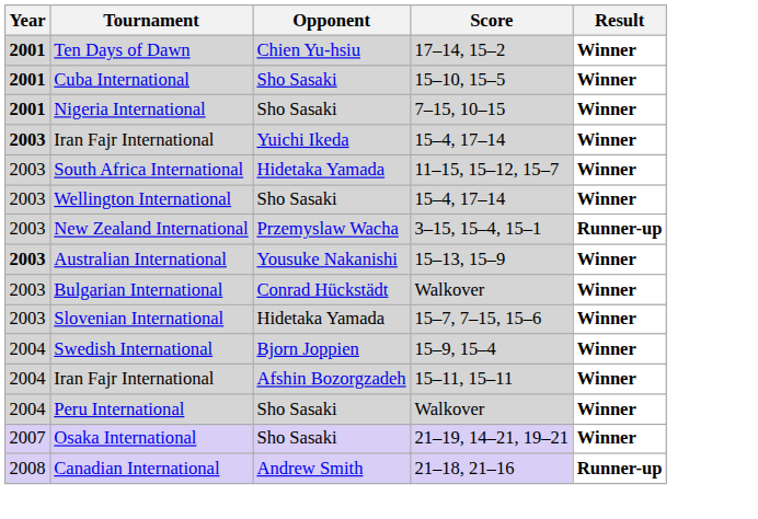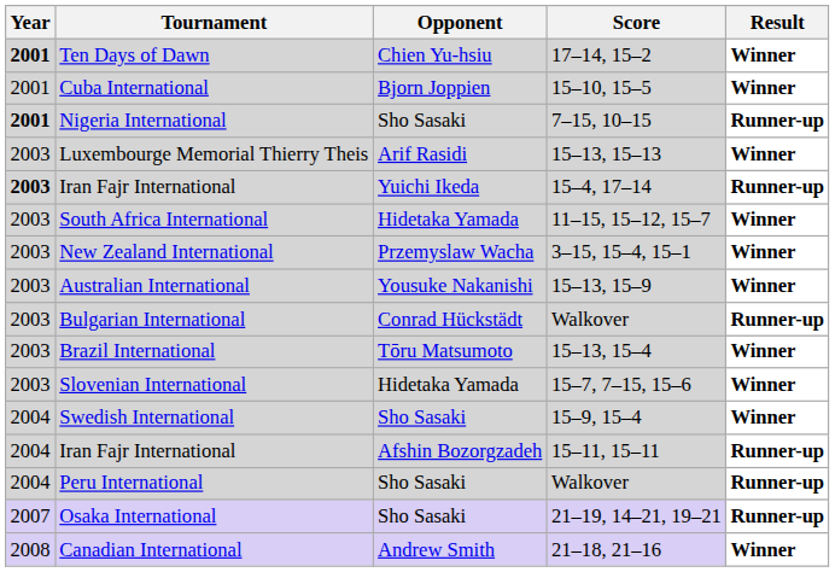 <table class="sortable wikitable" style="font-size: 90%;">
 <tr>
 <th>Year</th>
 <th>Tournament</th>
 <th>Opponent</th>
 <th>Score</th>
 <th>Result</th>
 </tr>
 <tr style="background:#D5D5D5">
 <td align="center"><strong>2001</strong></td>
 <td align="left"><a href='#'>Ten Days of Dawn</a></td>
 <td align="left"> <a href='#'>Chien Yu-hsiu</a></td>
 <td align="left">17–14, 15–2</td>
 <td style="text-align:left; background:white"> <strong>Winner</strong></td>
 </tr>
 <tr style="background:#D5D5D5">
-<td align="center"><strong>2001</strong></td>
+<td align="center">2001</td>
 <td align="left"><a href='#'>Cuba International</a></td>
-<td align="left"> <a href='#'>Sho Sasaki</a></td>
+<td align="left"> <a href='#'>Bjorn Joppien</a></td>
 <td align="left">15–10, 15–5</td>
 <td style="text-align:left; background:white"> <strong>Winner</strong></td>
 </tr>
 <tr style="background:#D5D5D5">
 <td align="center"><strong>2001</strong></td>
 <td align="left"><a href='#'>Nigeria International</a></td>
 <td align="left"> Sho Sasaki</td>
 <td align="left">7–15, 10–15</td>
+<td style="text-align:left; background:white"> <strong>Runner-up</strong></td>
+</tr>
+<tr style="background:#D5D5D5">
+<td align="center">2003</td>
+<td align="left">Luxembourge Memorial Thierry Theis</td>
+<td align="left"> <a href='#'>Arif Rasidi</a></td>
+<td align="left">15–13, 15–13</td>
 <td style="text-align:left; background:white"> <strong>Winner</strong></td>
 </tr>
 <tr style="background:#D5D5D5">
 <td align="center"><strong>2003</strong></td>
 <td align="left">Iran Fajr International</td>
 <td align="left"> <a href='#'>Yuichi Ikeda</a></td>
 <td align="left">15–4, 17–14</td>
-<td style="text-align:left; background:white"> <strong>Winner</strong></td>
+<td style="text-align:left; background:white"> <strong>Runner-up</strong></td>
 </tr>
 <tr style="background:#D5D5D5">
 <td align="center">2003</td>
 <td align="left"><a href='#'>South Africa International</a></td>
 <td align="left"> <a href='#'>Hidetaka Yamada</a></td>
 <td align="left">11–15, 15–12, 15–7</td>
 <td style="text-align:left; background:white"> <strong>Winner</strong></td>
 </tr>
 <tr style="background:#D5D5D5">
 <td align="center">2003</td>
-<td align="left"><a href='#'>Wellington International</a></td>
-<td align="left"> Sho Sasaki</td>
-<td align="left">15–4, 17–14</td>
+<td align="left"><a href='#'>New Zealand International</a></td>
+<td align="left"> <a href='#'>Przemyslaw Wacha</a></td>
+<td align="left">3–15, 15–4, 15–1</td>
 <td style="text-align:left; background:white"> <strong>Winner</strong></td>
 </tr>
 <tr style="background:#D5D5D5">
 <td align="center">2003</td>
-<td align="left"><a href='#'>New Zealand International</a></td>
-<td align="left"> <a href='#'>Przemyslaw Wacha</a></td>
-<td align="left">3–15, 15–4, 15–1</td>
-<td style="text-align:left; background:white"> <strong>Runner-up</strong></td>
-</tr>
-<tr style="background:#D5D5D5">
-<td align="center"><strong>2003</strong></td>
 <td align="left"><a href='#'>Australian International</a></td>
 <td align="left"> <a href='#'>Yousuke Nakanishi</a></td>
 <td align="left">15–13, 15–9</td>
 <td style="text-align:left; background:white"> <strong>Winner</strong></td>
 </tr>
 <tr style="background:#D5D5D5">
 <td align="center">2003</td>
 <td align="left"><a href='#'>Bulgarian International</a></td>
 <td align="left"> <a href='#'>Conrad Hückstädt</a></td>
 <td align="left">Walkover</td>
+<td style="text-align:left; background:white"> <strong>Runner-up</strong></td>
+</tr>
+<tr style="background:#D5D5D5">
+<td align="center">2003</td>
+<td align="left"><a href='#'>Brazil International</a></td>
+<td align="left"> <a href='#'>Tōru Matsumoto</a></td>
+<td align="left">15–13, 15–4</td>
 <td style="text-align:left; background:white"> <strong>Winner</strong></td>
 </tr>
 <tr style="background:#D5D5D5">
 <td align="center">2003</td>
 <td align="left"><a href='#'>Slovenian International</a></td>
 <td align="left"> Hidetaka Yamada</td>
 <td align="left">15–7, 7–15, 15–6</td>
 <td style="text-align:left; background:white"> <strong>Winner</strong></td>
 </tr>
 <tr style="background:#D5D5D5">
 <td align="center">2004</td>
 <td align="left"><a href='#'>Swedish International</a></td>
-<td align="left"> <a href='#'>Bjorn Joppien</a></td>
+<td align="left"> <a href='#'>Sho Sasaki</a></td>
 <td align="left">15–9, 15–4</td>
 <td style="text-align:left; background:white"> <strong>Winner</strong></td>
 </tr>
 <tr style="background:#D5D5D5">
 <td align="center">2004</td>
 <td align="left">Iran Fajr International</td>
 <td align="left"> <a href='#'>Afshin Bozorgzadeh</a></td>
 <td align="left">15–11, 15–11</td>
-<td style="text-align:left; background:white"> <strong>Winner</strong></td>
+<td style="text-align:left; background:white"> <strong>Runner-up</strong></td>
 </tr>
 <tr style="background:#D5D5D5">
 <td align="center">2004</td>
 <td align="left"><a href='#'>Peru International</a></td>
 <td align="left"> Sho Sasaki</td>
 <td align="left">Walkover</td>
-<td style="text-align:left; background:white"> <strong>Winner</strong></td>
+<td style="text-align:left; background:white"> <strong>Runner-up</strong></td>
 </tr>
 <tr style="background:#D8CEF6">
 <td align="center">2007</td>
 <td align="left"><a href='#'>Osaka International</a></td>
 <td align="left"> Sho Sasaki</td>
 <td align="left">21–19, 14–21, 19–21</td>
-<td style="text-align:left; background:white"> <strong>Winner</strong></td>
+<td style="text-align:left; background:white"> <strong>Runner-up</strong></td>
 </tr>
 <tr style="background:#D8CEF6">
 <td align="center">2008</td>
 <td align="left"><a href='#'>Canadian International</a></td>
 <td align="left"> <a href='#'>Andrew Smith</a></td>
 <td align="left">21–18, 21–16</td>
-<td style="text-align:left; background:white"> <strong>Runner-up</strong></td>
+<td style="text-align:left; background:white"> <strong>Winner</strong></td>
 </tr>
 </table>
